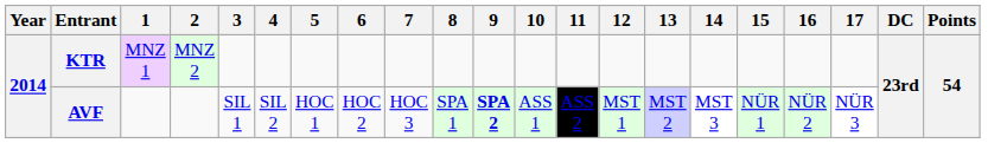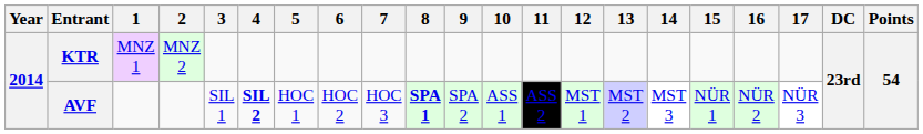 <table class="wikitable" style="text-align:center; font-size:85%">
 <tr>
 <th>Year</th>
 <th>Entrant</th>
 <th>1</th>
 <th>2</th>
 <th>3</th>
 <th>4</th>
 <th>5</th>
 <th>6</th>
 <th>7</th>
 <th>8</th>
 <th>9</th>
 <th>10</th>
 <th>11</th>
 <th>12</th>
 <th>13</th>
 <th>14</th>
 <th>15</th>
 <th>16</th>
 <th>17</th>
 <th>DC</th>
 <th>Points</th>
 </tr>
 <tr>
 <th rowspan="2"><a href='#'>2014</a></th>
 <th nowrap><a href='#'>KTR</a></th>
 <td style="background:#efcfff;"><a href='#'>MNZ<br>1</a><br></td>
 <td style="background:#dfffdf;"><a href='#'>MNZ<br>2</a><br></td>
 <td></td>
 <td></td>
 <td></td>
 <td></td>
 <td></td>
 <td></td>
 <td></td>
 <td></td>
 <td></td>
 <td></td>
 <td></td>
 <td></td>
 <td></td>
 <td></td>
 <td></td>
 <th rowspan="2">23rd</th>
 <th rowspan="2">54</th>
 </tr>
 <tr>
 <th nowrap><a href='#'>AVF</a></th>
 <td></td>
 <td></td>
 <td style="background:#;"><a href='#'>SIL<br>1</a><br></td>
-<td style="background:#;"><a href='#'>SIL<br>2</a><br></td>
+<td style="background:#;"><strong><a href='#'>SIL<br>2</a><br></strong></td>
 <td style="background:#;"><a href='#'>HOC<br>1</a><br></td>
 <td style="background:#;"><a href='#'>HOC<br>2</a><br></td>
 <td style="background:#;"><a href='#'>HOC<br>3</a><br></td>
-<td style="background:#dfffdf;"><a href='#'>SPA<br>1</a><br></td>
-<td style="background:#dfffdf;"><strong><a href='#'>SPA<br>2</a><br></strong></td>
+<td style="background:#dfffdf;"><strong><a href='#'>SPA<br>1</a><br></strong></td>
+<td style="background:#dfffdf;"><a href='#'>SPA<br>2</a><br></td>
 <td style="background:#dfffdf;"><a href='#'>ASS<br>1</a><br></td>
 <td style="background:#000000;color:white;"><a href='#'><span>ASS<br>2</span></a><br></td>
 <td style="background:#dfffdf;"><a href='#'>MST<br>1</a><br></td>
 <td style="background:#cfcfff;"><a href='#'>MST<br>2</a><br></td>
 <td style="background:#FFFFFF;"><a href='#'>MST<br>3</a><br></td>
 <td style="background:#dfffdf;"><a href='#'>NÜR<br>1</a><br></td>
 <td style="background:#dfffdf;"><a href='#'>NÜR<br>2</a><br></td>
 <td style="background:#FFFFFF;"><a href='#'>NÜR<br>3</a><br></td>
 </tr>
 </table>
